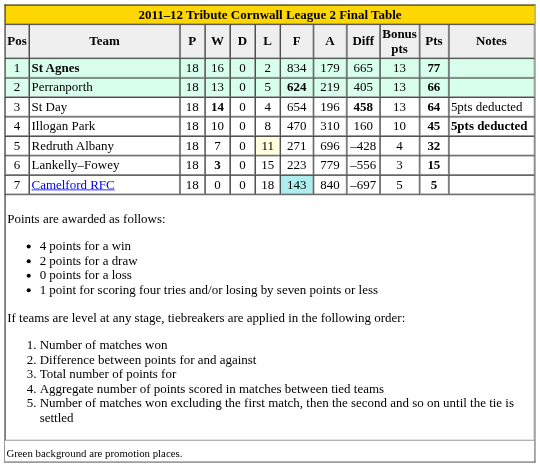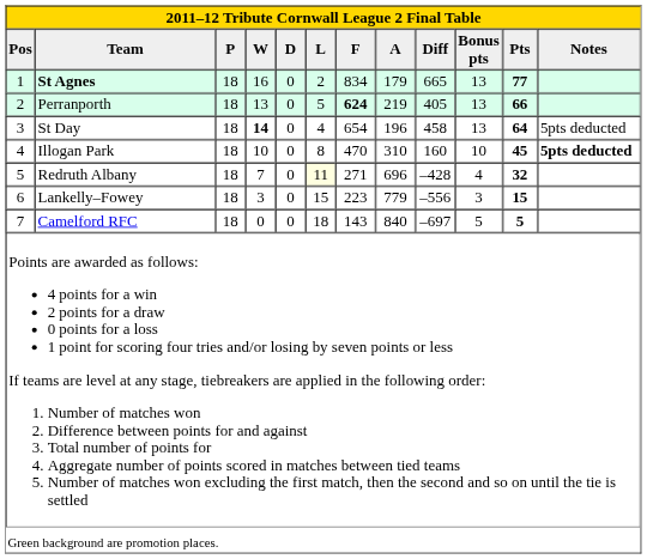 <table border="1" cellpadding="2" cellspacing="0">
 <tr bgcolor="gold">
 <th colspan=12 style="border-right:0px;";>2011–12 Tribute Cornwall League 2 Final Table</th>
 </tr>
 <tr bgcolor="#efefef">
 <th width="20">Pos</th>
 <th width="180">Team</th>
 <th width="25">P</th>
 <th width="25">W</th>
 <th width="25">D</th>
 <th width="25">L</th>
 <th width="35">F</th>
 <th width="35">A</th>
 <th width="35">Diff</th>
 <th width="35">Bonus pts</th>
 <th width="30">Pts</th>
 <th width="100">Notes</th>
 </tr>
 <tr bgcolor=#d8ffeb align=center>
 <td>1</td>
 <td align=left><strong>St Agnes</strong></td>
 <td>18</td>
 <td>16</td>
 <td>0</td>
 <td>2</td>
 <td>834</td>
 <td>179</td>
 <td>665</td>
 <td>13</td>
 <td><strong>77</strong></td>
 <td></td>
 </tr>
 <tr bgcolor=#d8ffeb align=center>
 <td>2</td>
 <td align=left>Perranporth</td>
 <td>18</td>
 <td>13</td>
 <td>0</td>
 <td>5</td>
 <td><strong>624</strong></td>
 <td>219</td>
 <td>405</td>
 <td>13</td>
 <td><strong>66</strong></td>
 <td></td>
 </tr>
 <tr align=center>
 <td>3</td>
 <td align=left>St Day</td>
 <td>18</td>
 <td><strong>14</strong></td>
 <td>0</td>
 <td>4</td>
 <td>654</td>
 <td>196</td>
-<td><strong>458</strong></td>
+<td>458</td>
 <td>13</td>
 <td><strong>64</strong></td>
 <td align=left>5pts deducted</td>
 </tr>
 <tr align=center>
 <td>4</td>
 <td align=left>Illogan Park</td>
 <td>18</td>
 <td>10</td>
 <td>0</td>
 <td>8</td>
 <td>470</td>
 <td>310</td>
 <td>160</td>
 <td>10</td>
 <td><strong>45</strong></td>
 <td align=left><strong>5pts deducted</strong></td>
 </tr>
 <tr align=center>
 <td>5</td>
 <td align=left>Redruth Albany</td>
 <td>18</td>
 <td>7</td>
 <td>0</td>
 <td style="background: lightyellow;">11</td>
 <td>271</td>
 <td>696</td>
 <td>–428</td>
 <td>4</td>
 <td><strong>32</strong></td>
 <td></td>
 </tr>
 <tr align=center>
 <td>6</td>
 <td align=left>Lankelly–Fowey</td>
 <td>18</td>
-<td><strong>3</strong></td>
+<td>3</td>
 <td>0</td>
 <td>15</td>
 <td>223</td>
 <td>779</td>
 <td>–556</td>
 <td>3</td>
 <td><strong>15</strong></td>
 <td></td>
 </tr>
 <tr align=center>
 <td>7</td>
 <td align=left><a href='#'>Camelford RFC</a></td>
 <td>18</td>
 <td>0</td>
 <td>0</td>
 <td>18</td>
-<td style="background: paleturquoise;">143</td>
+<td>143</td>
 <td>840</td>
 <td>–697</td>
 <td>5</td>
 <td><strong>5</strong></td>
 <td></td>
 </tr>
 <tr>
 </tr>
 <tr bgcolor=#ffffff>
 <td colspan="12"><br>Points are awarded as follows:<ul><li>4 points for a win</li><li>2 points for a draw</li><li>0 points for a loss</li><li>1 point for scoring four tries and/or losing by seven points or less</li></ul>If teams are level at any stage, tiebreakers are applied in the following order:<ol><li>Number of matches won</li><li>Difference between points for and against</li><li>Total number of points for</li><li>Aggregate number of points scored in matches between tied teams</li><li>Number of matches won excluding the first match, then the second and so on until the tie is settled</li></ol></td>
 </tr>
 <tr |align=centre|>
 <td colspan="12" style="border:0px"></td>
 </tr>
 <tr align=centre>
 <td colspan="12" style="border:0px" align=centre><small>Green background are promotion places.</small></td>
 </tr>
 </table>
